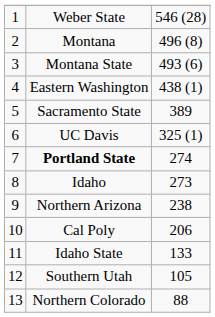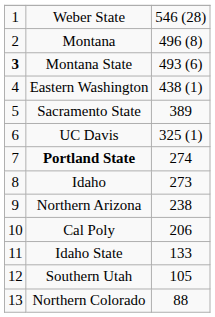 <table class="wikitable" style="display: inline-table;">
 <tr align="center">
 </tr>
 <tr align="center">
 <td>1</td>
 <td>Weber State</td>
 <td>546 (28)</td>
 </tr>
 <tr align="center">
 <td>2</td>
 <td>Montana</td>
 <td>496 (8)</td>
 </tr>
 <tr align="center">
-<td>3</td>
+<td><strong>3</strong></td>
 <td>Montana State</td>
 <td>493 (6)</td>
 </tr>
 <tr align="center">
 <td>4</td>
 <td>Eastern Washington</td>
 <td>438 (1)</td>
 </tr>
 <tr align="center">
 <td>5</td>
 <td>Sacramento State</td>
 <td>389</td>
 </tr>
 <tr align="center">
 <td>6</td>
 <td>UC Davis</td>
 <td>325 (1)</td>
 </tr>
 <tr align="center">
 <td>7</td>
 <td><strong>Portland State</strong></td>
 <td>274</td>
 </tr>
 <tr align="center">
 <td>8</td>
 <td>Idaho</td>
 <td>273</td>
 </tr>
 <tr align="center">
 <td>9</td>
 <td>Northern Arizona</td>
 <td>238</td>
 </tr>
 <tr align="center">
 <td>10</td>
 <td>Cal Poly</td>
 <td>206</td>
 </tr>
 <tr align="center">
 <td>11</td>
 <td>Idaho State</td>
 <td>133</td>
 </tr>
 <tr align="center">
 <td>12</td>
 <td>Southern Utah</td>
 <td>105</td>
 </tr>
 <tr align="center">
 <td>13</td>
 <td>Northern Colorado</td>
 <td>88</td>
 </tr>
 </table>
